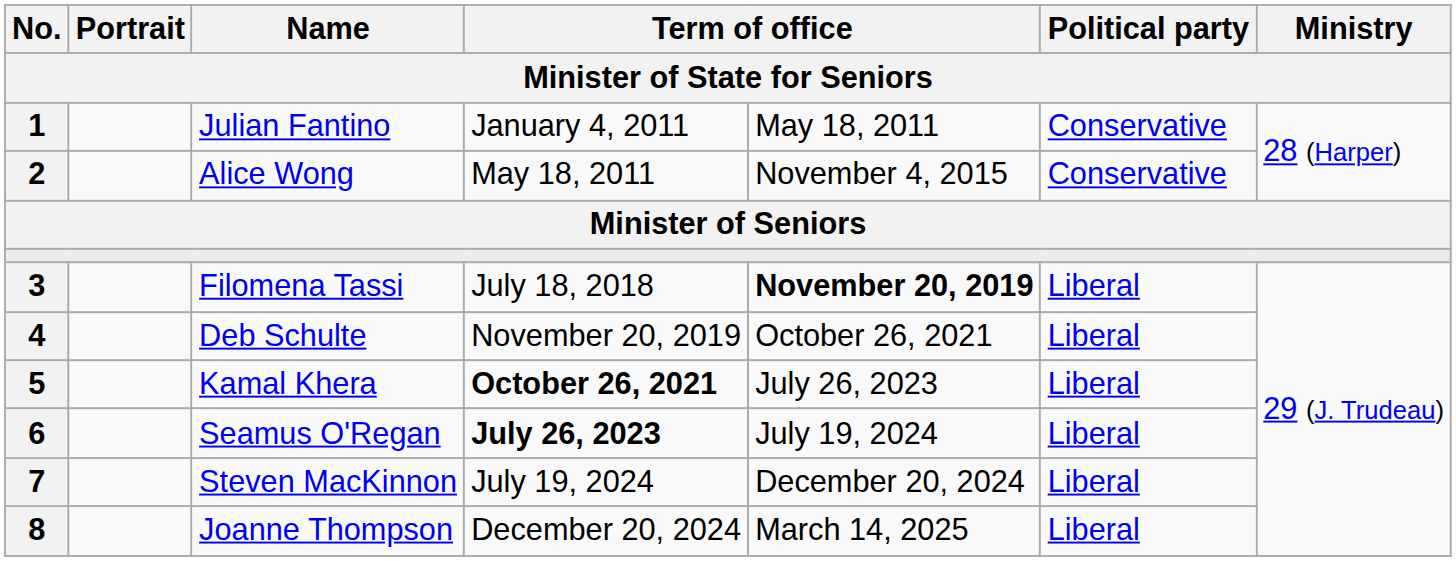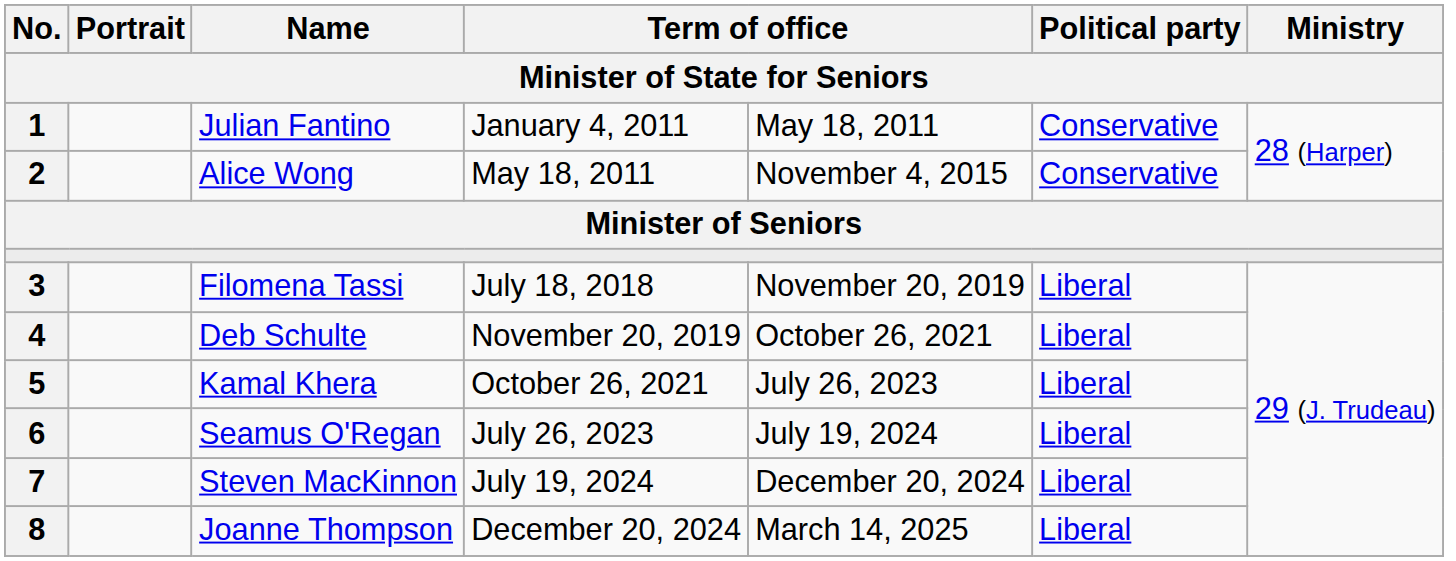 <table class="wikitable">
 <tr>
 <th>No.</th>
 <th>Portrait</th>
 <th>Name</th>
 <th colspan=2>Term of office</th>
 <th>Political party</th>
 <th>Ministry</th>
 </tr>
 <tr>
 <th colspan=7>Minister of State for Seniors</th>
 </tr>
 <tr>
 <th style="background:">1</th>
 <td></td>
 <td><a href='#'>Julian Fantino</a></td>
 <td>January 4, 2011</td>
 <td>May 18, 2011</td>
 <td><a href='#'>Conservative</a></td>
 <td rowspan=2><a href='#'>28</a> <small>(<a href='#'>Harper</a>)</small></td>
 </tr>
 <tr>
 <th style="background:">2</th>
 <td></td>
 <td><a href='#'>Alice Wong</a></td>
 <td>May 18, 2011</td>
 <td>November 4, 2015</td>
 <td><a href='#'>Conservative</a></td>
 </tr>
 <tr>
 <th colspan=7>Minister of Seniors</th>
 </tr>
 <tr>
 <td colspan=7 style="background: #ececec; color: #2C2C2C; vertical-align: middle;"></td>
 </tr>
 <tr>
 <th style="background:">3</th>
 <td></td>
 <td><a href='#'>Filomena Tassi</a></td>
 <td>July 18, 2018</td>
-<td><strong>November 20, 2019</strong></td>
+<td>November 20, 2019</td>
 <td><a href='#'>Liberal</a></td>
 <td rowspan="6"><a href='#'>29</a> <small>(<a href='#'>J. Trudeau</a>)</small></td>
 </tr>
 <tr>
 <th style="background:">4</th>
 <td></td>
 <td><a href='#'>Deb Schulte</a></td>
 <td>November 20, 2019</td>
 <td>October 26, 2021</td>
 <td><a href='#'>Liberal</a></td>
 </tr>
 <tr>
 <th style="background:">5</th>
 <td></td>
 <td><a href='#'>Kamal Khera</a></td>
-<td><strong>October 26, 2021</strong></td>
+<td>October 26, 2021</td>
 <td>July 26, 2023</td>
 <td><a href='#'>Liberal</a></td>
 </tr>
 <tr>
 <th ! style="background:">6</th>
 <td></td>
 <td><a href='#'>Seamus O'Regan</a></td>
-<td><strong>July 26, 2023</strong></td>
+<td>July 26, 2023</td>
 <td>July 19, 2024</td>
 <td><a href='#'>Liberal</a></td>
 </tr>
 <tr>
 <th ! style="background:">7</th>
 <td></td>
 <td><a href='#'>Steven MacKinnon</a></td>
 <td>July 19, 2024</td>
 <td>December 20, 2024</td>
 <td><a href='#'>Liberal</a></td>
 </tr>
 <tr>
 <th ! style="background:">8</th>
 <td></td>
 <td><a href='#'>Joanne Thompson</a></td>
 <td>December 20, 2024</td>
 <td>March 14, 2025</td>
 <td><a href='#'>Liberal</a></td>
 </tr>
 </table>
